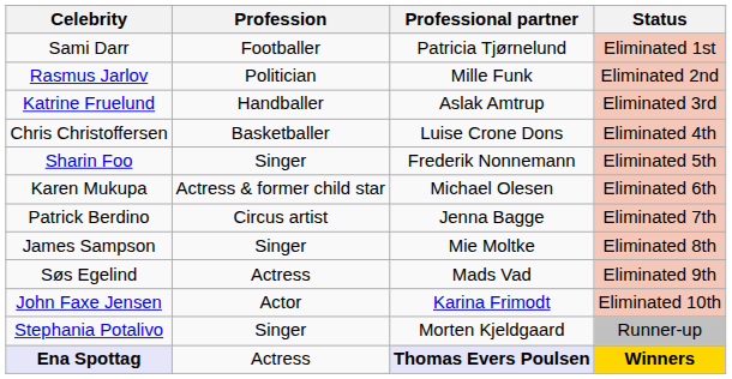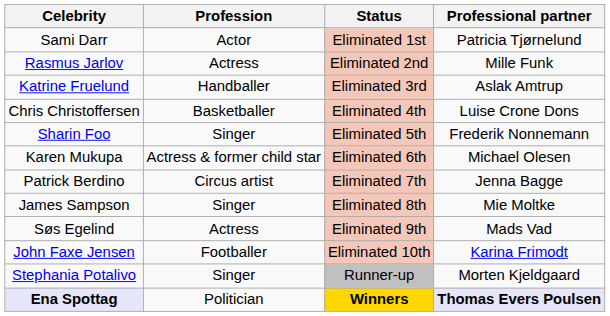 <table class= "wikitable sortable" style="text-align: center; margin:auto; align: center">
 <tr>
 <th>Celebrity</th>
 <th>Profession</th>
+<th>Status</th>
 <th>Professional partner</th>
-<th>Status</th>
 </tr>
 <tr>
 <td>Sami Darr</td>
-<td>Footballer</td>
+<td>Actor</td>
+<td style="background:#f4c7b8;">Eliminated 1st</td>
 <td>Patricia Tjørnelund</td>
-<td style="background:#f4c7b8;">Eliminated 1st</td>
 </tr>
 <tr>
 <td><a href='#'>Rasmus Jarlov</a></td>
-<td>Politician</td>
+<td>Actress</td>
+<td style="background:#f4c7b8;">Eliminated 2nd</td>
 <td>Mille Funk</td>
-<td style="background:#f4c7b8;">Eliminated 2nd</td>
 </tr>
 <tr>
 <td><a href='#'>Katrine Fruelund</a></td>
 <td>Handballer</td>
+<td style="background:#f4c7b8;">Eliminated 3rd</td>
 <td>Aslak Amtrup</td>
-<td style="background:#f4c7b8;">Eliminated 3rd</td>
 </tr>
 <tr>
 <td>Chris Christoffersen</td>
 <td>Basketballer</td>
+<td style="background:#f4c7b8;">Eliminated 4th</td>
 <td>Luise Crone Dons</td>
-<td style="background:#f4c7b8;">Eliminated 4th</td>
 </tr>
 <tr>
 <td><a href='#'>Sharin Foo</a></td>
 <td>Singer</td>
+<td style="background:#f4c7b8;">Eliminated 5th</td>
 <td>Frederik Nonnemann</td>
-<td style="background:#f4c7b8;">Eliminated 5th</td>
 </tr>
 <tr>
 <td>Karen Mukupa</td>
 <td>Actress & former child star</td>
+<td style="background:#f4c7b8;">Eliminated 6th</td>
 <td>Michael Olesen</td>
-<td style="background:#f4c7b8;">Eliminated 6th</td>
 </tr>
 <tr>
 <td>Patrick Berdino</td>
 <td>Circus artist</td>
+<td style="background:#f4c7b8;">Eliminated 7th</td>
 <td>Jenna Bagge</td>
-<td style="background:#f4c7b8;">Eliminated 7th</td>
 </tr>
 <tr>
 <td>James Sampson</td>
 <td>Singer</td>
+<td style="background:#f4c7b8;">Eliminated 8th</td>
 <td>Mie Moltke</td>
-<td style="background:#f4c7b8;">Eliminated 8th</td>
 </tr>
 <tr>
 <td>Søs Egelind</td>
 <td>Actress</td>
+<td style="background:#f4c7b8;">Eliminated 9th</td>
 <td>Mads Vad</td>
-<td style="background:#f4c7b8;">Eliminated 9th</td>
 </tr>
 <tr>
 <td><a href='#'>John Faxe Jensen</a></td>
-<td>Actor</td>
+<td>Footballer</td>
+<td style="background:#f4c7b8;">Eliminated 10th</td>
 <td><a href='#'>Karina Frimodt</a></td>
-<td style="background:#f4c7b8;">Eliminated 10th</td>
 </tr>
 <tr>
 <td><a href='#'>Stephania Potalivo</a></td>
 <td>Singer</td>
+<td style="background:silver;">Runner-up</td>
 <td>Morten Kjeldgaard</td>
-<td style="background:silver;">Runner-up</td>
 </tr>
 <tr>
 <td style="background:lavender;"><strong>Ena Spottag</strong></td>
-<td>Actress</td>
+<td>Politician</td>
+<td style="background:gold;"><strong>Winners</strong></td>
 <td style="background:lavender;"><strong>Thomas Evers Poulsen</strong></td>
-<td style="background:gold;"><strong>Winners</strong></td>
 </tr>
 </table>
